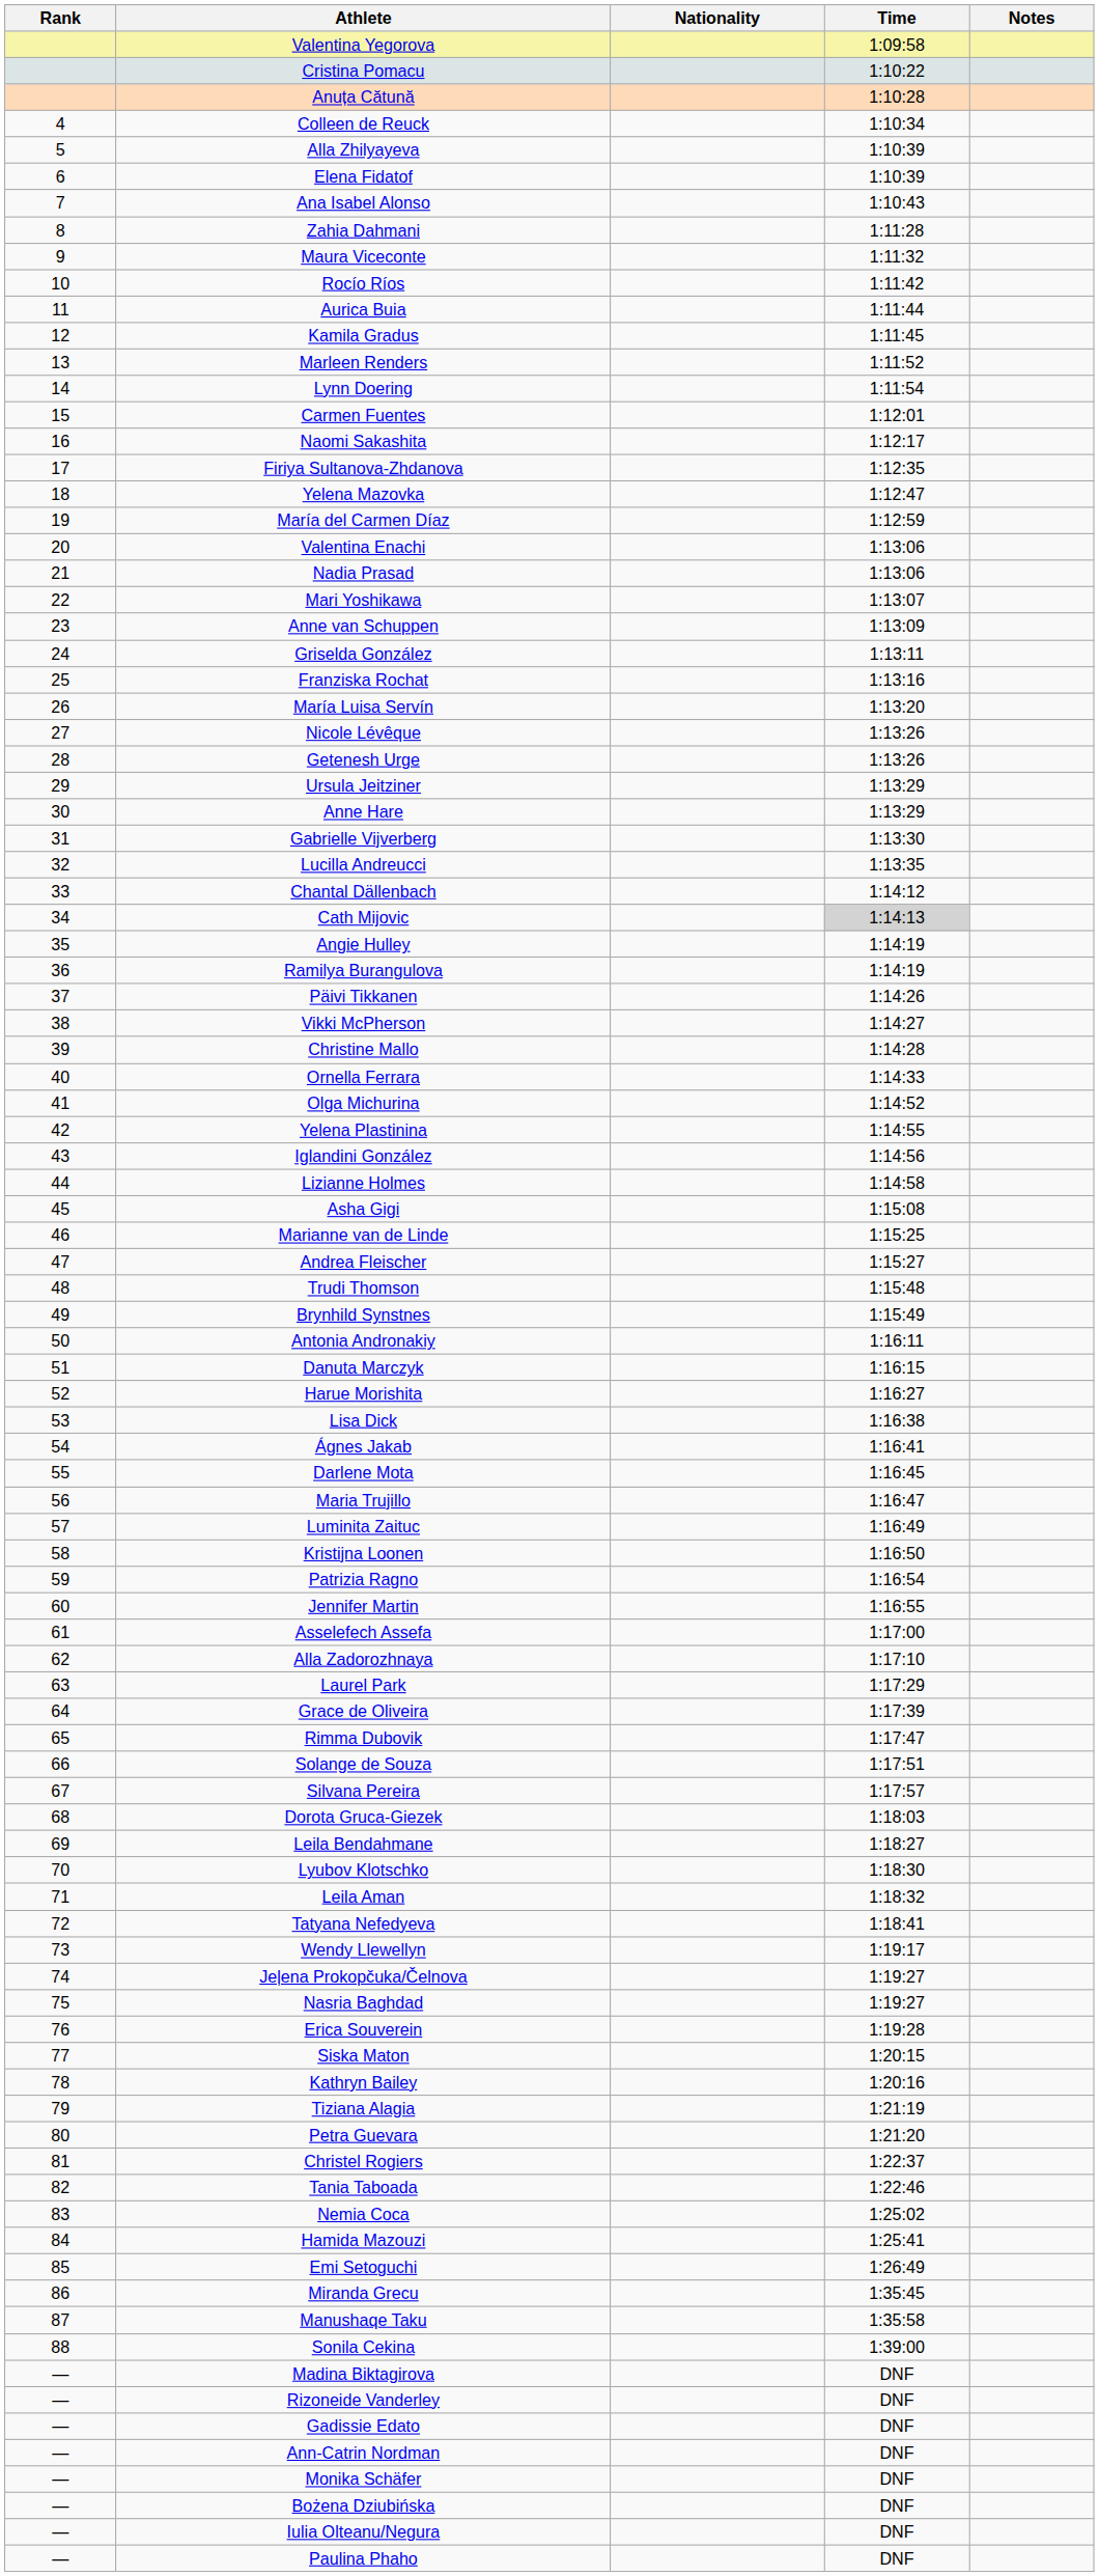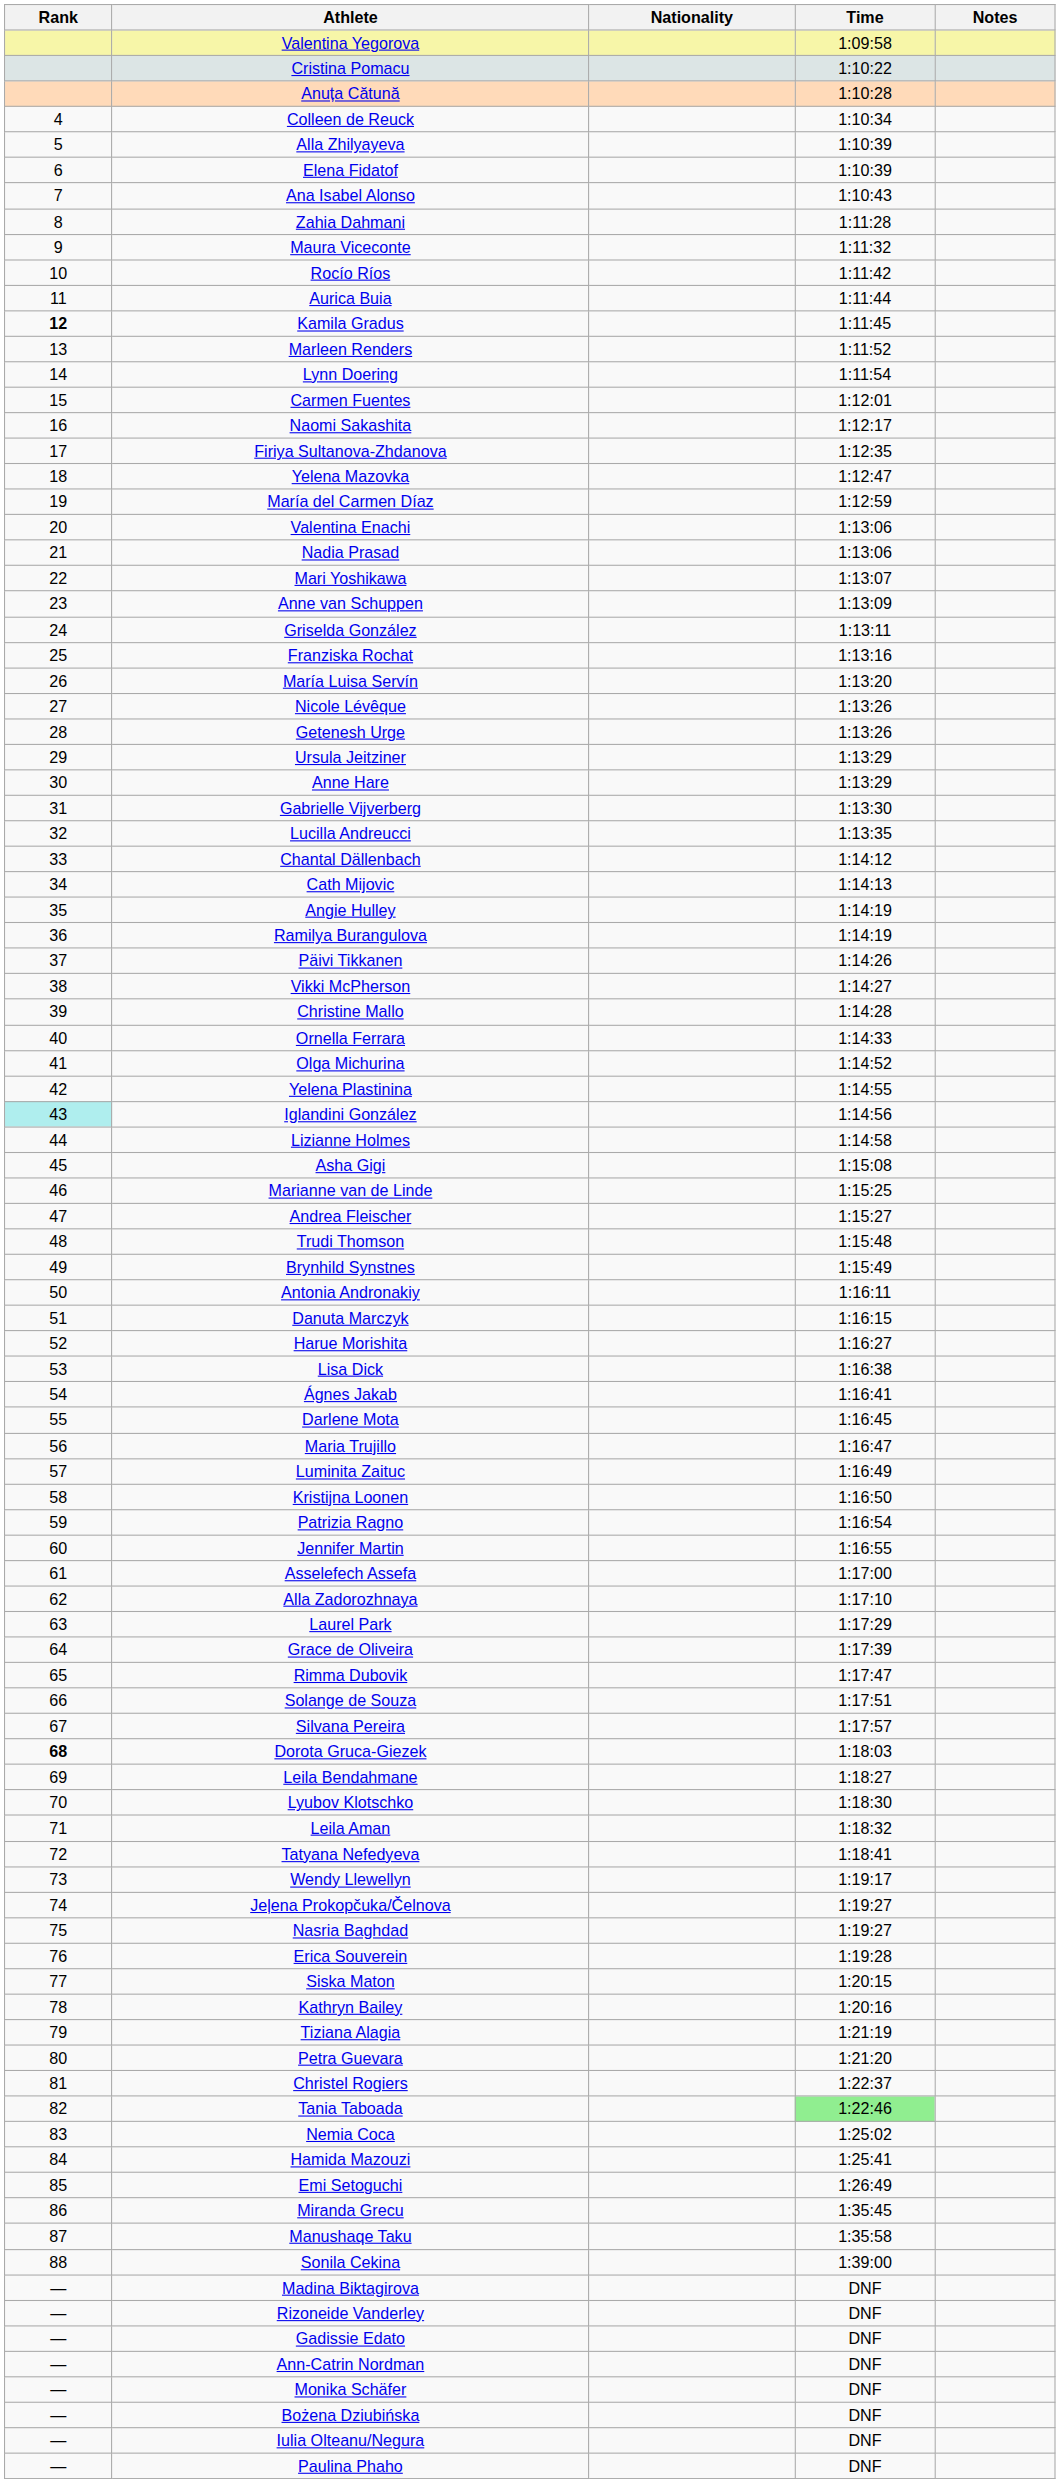 <table class="wikitable sortable" style=" text-align:center; font-size:95%;" width="50%">
 <tr>
 <th>Rank</th>
 <th>Athlete</th>
 <th>Nationality</th>
 <th>Time</th>
 <th>Notes</th>
 </tr>
 <tr bgcolor="#F7F6A8">
 <td align=center></td>
 <td><a href='#'>Valentina Yegorova</a></td>
 <td></td>
 <td>1:09:58</td>
 <td></td>
 </tr>
 <tr bgcolor="#DCE5E5">
 <td align=center></td>
 <td><a href='#'>Cristina Pomacu</a></td>
 <td></td>
 <td>1:10:22</td>
 <td></td>
 </tr>
 <tr bgcolor="#FFDAB9">
 <td align=center></td>
 <td><a href='#'>Anuța Cătună</a></td>
 <td></td>
 <td>1:10:28</td>
 <td></td>
 </tr>
 <tr>
 <td align=center>4</td>
 <td><a href='#'>Colleen de Reuck</a></td>
 <td></td>
 <td>1:10:34</td>
 <td></td>
 </tr>
 <tr>
 <td align=center>5</td>
 <td><a href='#'>Alla Zhilyayeva</a></td>
 <td></td>
 <td>1:10:39</td>
 <td></td>
 </tr>
 <tr>
 <td align=center>6</td>
 <td><a href='#'>Elena Fidatof</a></td>
 <td></td>
 <td>1:10:39</td>
 <td></td>
 </tr>
 <tr>
 <td align=center>7</td>
 <td><a href='#'>Ana Isabel Alonso</a></td>
 <td></td>
 <td>1:10:43</td>
 <td></td>
 </tr>
 <tr>
 <td align=center>8</td>
 <td><a href='#'>Zahia Dahmani</a></td>
 <td></td>
 <td>1:11:28</td>
 <td></td>
 </tr>
 <tr>
 <td align=center>9</td>
 <td><a href='#'>Maura Viceconte</a></td>
 <td></td>
 <td>1:11:32</td>
 <td></td>
 </tr>
 <tr>
 <td align=center>10</td>
 <td><a href='#'>Rocío Ríos</a></td>
 <td></td>
 <td>1:11:42</td>
 <td></td>
 </tr>
 <tr>
 <td align=center>11</td>
 <td><a href='#'>Aurica Buia</a></td>
 <td></td>
 <td>1:11:44</td>
 <td></td>
 </tr>
 <tr>
-<td align=center>12</td>
+<td align=center><strong>12</strong></td>
 <td><a href='#'>Kamila Gradus</a></td>
 <td></td>
 <td>1:11:45</td>
 <td></td>
 </tr>
 <tr>
 <td align=center>13</td>
 <td><a href='#'>Marleen Renders</a></td>
 <td></td>
 <td>1:11:52</td>
 <td></td>
 </tr>
 <tr>
 <td align=center>14</td>
 <td><a href='#'>Lynn Doering</a></td>
 <td></td>
 <td>1:11:54</td>
 <td></td>
 </tr>
 <tr>
 <td align=center>15</td>
 <td><a href='#'>Carmen Fuentes</a></td>
 <td></td>
 <td>1:12:01</td>
 <td></td>
 </tr>
 <tr>
 <td align=center>16</td>
 <td><a href='#'>Naomi Sakashita</a></td>
 <td></td>
 <td>1:12:17</td>
 <td></td>
 </tr>
 <tr>
 <td align=center>17</td>
 <td><a href='#'>Firiya Sultanova-Zhdanova</a></td>
 <td></td>
 <td>1:12:35</td>
 <td></td>
 </tr>
 <tr>
 <td align=center>18</td>
 <td><a href='#'>Yelena Mazovka</a></td>
 <td></td>
 <td>1:12:47</td>
 <td></td>
 </tr>
 <tr>
 <td align=center>19</td>
 <td><a href='#'>María del Carmen Díaz</a></td>
 <td></td>
 <td>1:12:59</td>
 <td></td>
 </tr>
 <tr>
 <td align=center>20</td>
 <td><a href='#'>Valentina Enachi</a></td>
 <td></td>
 <td>1:13:06</td>
 <td></td>
 </tr>
 <tr>
 <td align=center>21</td>
 <td><a href='#'>Nadia Prasad</a></td>
 <td></td>
 <td>1:13:06</td>
 <td></td>
 </tr>
 <tr>
 <td align=center>22</td>
 <td><a href='#'>Mari Yoshikawa</a></td>
 <td></td>
 <td>1:13:07</td>
 <td></td>
 </tr>
 <tr>
 <td align=center>23</td>
 <td><a href='#'>Anne van Schuppen</a></td>
 <td></td>
 <td>1:13:09</td>
 <td></td>
 </tr>
 <tr>
 <td align=center>24</td>
 <td><a href='#'>Griselda González</a></td>
 <td></td>
 <td>1:13:11</td>
 <td></td>
 </tr>
 <tr>
 <td align=center>25</td>
 <td><a href='#'>Franziska Rochat</a></td>
 <td></td>
 <td>1:13:16</td>
 <td></td>
 </tr>
 <tr>
 <td align=center>26</td>
 <td><a href='#'>María Luisa Servín</a></td>
 <td></td>
 <td>1:13:20</td>
 <td></td>
 </tr>
 <tr>
 <td align=center>27</td>
 <td><a href='#'>Nicole Lévêque</a></td>
 <td></td>
 <td>1:13:26</td>
 <td></td>
 </tr>
 <tr>
 <td align=center>28</td>
 <td><a href='#'>Getenesh Urge</a></td>
 <td></td>
 <td>1:13:26</td>
 <td></td>
 </tr>
 <tr>
 <td align=center>29</td>
 <td><a href='#'>Ursula Jeitziner</a></td>
 <td></td>
 <td>1:13:29</td>
 <td></td>
 </tr>
 <tr>
 <td align=center>30</td>
 <td><a href='#'>Anne Hare</a></td>
 <td></td>
 <td>1:13:29</td>
 <td></td>
 </tr>
 <tr>
 <td align=center>31</td>
 <td><a href='#'>Gabrielle Vijverberg</a></td>
 <td></td>
 <td>1:13:30</td>
 <td></td>
 </tr>
 <tr>
 <td align=center>32</td>
 <td><a href='#'>Lucilla Andreucci</a></td>
 <td></td>
 <td>1:13:35</td>
 <td></td>
 </tr>
 <tr>
 <td align=center>33</td>
 <td><a href='#'>Chantal Dällenbach</a></td>
 <td></td>
 <td>1:14:12</td>
 <td></td>
 </tr>
 <tr>
 <td align=center>34</td>
 <td><a href='#'>Cath Mijovic</a></td>
 <td></td>
-<td style="background: lightgrey;">1:14:13</td>
+<td>1:14:13</td>
 <td></td>
 </tr>
 <tr>
 <td align=center>35</td>
 <td><a href='#'>Angie Hulley</a></td>
 <td></td>
 <td>1:14:19</td>
 <td></td>
 </tr>
 <tr>
 <td align=center>36</td>
 <td><a href='#'>Ramilya Burangulova</a></td>
 <td></td>
 <td>1:14:19</td>
 <td></td>
 </tr>
 <tr>
 <td align=center>37</td>
 <td><a href='#'>Päivi Tikkanen</a></td>
 <td></td>
 <td>1:14:26</td>
 <td></td>
 </tr>
 <tr>
 <td align=center>38</td>
 <td><a href='#'>Vikki McPherson</a></td>
 <td></td>
 <td>1:14:27</td>
 <td></td>
 </tr>
 <tr>
 <td align=center>39</td>
 <td><a href='#'>Christine Mallo</a></td>
 <td></td>
 <td>1:14:28</td>
 <td></td>
 </tr>
 <tr>
 <td align=center>40</td>
 <td><a href='#'>Ornella Ferrara</a></td>
 <td></td>
 <td>1:14:33</td>
 <td></td>
 </tr>
 <tr>
 <td align=center>41</td>
 <td><a href='#'>Olga Michurina</a></td>
 <td></td>
 <td>1:14:52</td>
 <td></td>
 </tr>
 <tr>
 <td align=center>42</td>
 <td><a href='#'>Yelena Plastinina</a></td>
 <td></td>
 <td>1:14:55</td>
 <td></td>
 </tr>
 <tr>
-<td align=center>43</td>
+<td align=center style="background: paleturquoise;">43</td>
 <td><a href='#'>Iglandini González</a></td>
 <td></td>
 <td>1:14:56</td>
 <td></td>
 </tr>
 <tr>
 <td align=center>44</td>
 <td><a href='#'>Lizianne Holmes</a></td>
 <td></td>
 <td>1:14:58</td>
 <td></td>
 </tr>
 <tr>
 <td align=center>45</td>
 <td><a href='#'>Asha Gigi</a></td>
 <td></td>
 <td>1:15:08</td>
 <td></td>
 </tr>
 <tr>
 <td align=center>46</td>
 <td><a href='#'>Marianne van de Linde</a></td>
 <td></td>
 <td>1:15:25</td>
 <td></td>
 </tr>
 <tr>
 <td align=center>47</td>
 <td><a href='#'>Andrea Fleischer</a></td>
 <td></td>
 <td>1:15:27</td>
 <td></td>
 </tr>
 <tr>
 <td align=center>48</td>
 <td><a href='#'>Trudi Thomson</a></td>
 <td></td>
 <td>1:15:48</td>
 <td></td>
 </tr>
 <tr>
 <td align=center>49</td>
 <td><a href='#'>Brynhild Synstnes</a></td>
 <td></td>
 <td>1:15:49</td>
 <td></td>
 </tr>
 <tr>
 <td align=center>50</td>
 <td><a href='#'>Antonia Andronakiy</a></td>
 <td></td>
 <td>1:16:11</td>
 <td></td>
 </tr>
 <tr>
 <td align=center>51</td>
 <td><a href='#'>Danuta Marczyk</a></td>
 <td></td>
 <td>1:16:15</td>
 <td></td>
 </tr>
 <tr>
 <td align=center>52</td>
 <td><a href='#'>Harue Morishita</a></td>
 <td></td>
 <td>1:16:27</td>
 <td></td>
 </tr>
 <tr>
 <td align=center>53</td>
 <td><a href='#'>Lisa Dick</a></td>
 <td></td>
 <td>1:16:38</td>
 <td></td>
 </tr>
 <tr>
 <td align=center>54</td>
 <td><a href='#'>Ágnes Jakab</a></td>
 <td></td>
 <td>1:16:41</td>
 <td></td>
 </tr>
 <tr>
 <td align=center>55</td>
 <td><a href='#'>Darlene Mota</a></td>
 <td></td>
 <td>1:16:45</td>
 <td></td>
 </tr>
 <tr>
 <td align=center>56</td>
 <td><a href='#'>Maria Trujillo</a></td>
 <td></td>
 <td>1:16:47</td>
 <td></td>
 </tr>
 <tr>
 <td align=center>57</td>
 <td><a href='#'>Luminita Zaituc</a></td>
 <td></td>
 <td>1:16:49</td>
 <td></td>
 </tr>
 <tr>
 <td align=center>58</td>
 <td><a href='#'>Kristijna Loonen</a></td>
 <td></td>
 <td>1:16:50</td>
 <td></td>
 </tr>
 <tr>
 <td align=center>59</td>
 <td><a href='#'>Patrizia Ragno</a></td>
 <td></td>
 <td>1:16:54</td>
 <td></td>
 </tr>
 <tr>
 <td align=center>60</td>
 <td><a href='#'>Jennifer Martin</a></td>
 <td></td>
 <td>1:16:55</td>
 <td></td>
 </tr>
 <tr>
 <td align=center>61</td>
 <td><a href='#'>Asselefech Assefa</a></td>
 <td></td>
 <td>1:17:00</td>
 <td></td>
 </tr>
 <tr>
 <td align=center>62</td>
 <td><a href='#'>Alla Zadorozhnaya</a></td>
 <td></td>
 <td>1:17:10</td>
 <td></td>
 </tr>
 <tr>
 <td align=center>63</td>
 <td><a href='#'>Laurel Park</a></td>
 <td></td>
 <td>1:17:29</td>
 <td></td>
 </tr>
 <tr>
 <td align=center>64</td>
 <td><a href='#'>Grace de Oliveira</a></td>
 <td></td>
 <td>1:17:39</td>
 <td></td>
 </tr>
 <tr>
 <td align=center>65</td>
 <td><a href='#'>Rimma Dubovik</a></td>
 <td></td>
 <td>1:17:47</td>
 <td></td>
 </tr>
 <tr>
 <td align=center>66</td>
 <td><a href='#'>Solange de Souza</a></td>
 <td></td>
 <td>1:17:51</td>
 <td></td>
 </tr>
 <tr>
 <td align=center>67</td>
 <td><a href='#'>Silvana Pereira</a></td>
 <td></td>
 <td>1:17:57</td>
 <td></td>
 </tr>
 <tr>
-<td align=center>68</td>
+<td align=center><strong>68</strong></td>
 <td><a href='#'>Dorota Gruca-Giezek</a></td>
 <td></td>
 <td>1:18:03</td>
 <td></td>
 </tr>
 <tr>
 <td align=center>69</td>
 <td><a href='#'>Leila Bendahmane</a></td>
 <td></td>
 <td>1:18:27</td>
 <td></td>
 </tr>
 <tr>
 <td align=center>70</td>
 <td><a href='#'>Lyubov Klotschko</a></td>
 <td></td>
 <td>1:18:30</td>
 <td></td>
 </tr>
 <tr>
 <td align=center>71</td>
 <td><a href='#'>Leila Aman</a></td>
 <td></td>
 <td>1:18:32</td>
 <td></td>
 </tr>
 <tr>
 <td align=center>72</td>
 <td><a href='#'>Tatyana Nefedyeva</a></td>
 <td></td>
 <td>1:18:41</td>
 <td></td>
 </tr>
 <tr>
 <td align=center>73</td>
 <td><a href='#'>Wendy Llewellyn</a></td>
 <td></td>
 <td>1:19:17</td>
 <td></td>
 </tr>
 <tr>
 <td align=center>74</td>
 <td><a href='#'>Jeļena Prokopčuka/Čelnova</a></td>
 <td></td>
 <td>1:19:27</td>
 <td></td>
 </tr>
 <tr>
 <td align=center>75</td>
 <td><a href='#'>Nasria Baghdad</a></td>
 <td></td>
 <td>1:19:27</td>
 <td></td>
 </tr>
 <tr>
 <td align=center>76</td>
 <td><a href='#'>Erica Souverein</a></td>
 <td></td>
 <td>1:19:28</td>
 <td></td>
 </tr>
 <tr>
 <td align=center>77</td>
 <td><a href='#'>Siska Maton</a></td>
 <td></td>
 <td>1:20:15</td>
 <td></td>
 </tr>
 <tr>
 <td align=center>78</td>
 <td><a href='#'>Kathryn Bailey</a></td>
 <td></td>
 <td>1:20:16</td>
 <td></td>
 </tr>
 <tr>
 <td align=center>79</td>
 <td><a href='#'>Tiziana Alagia</a></td>
 <td></td>
 <td>1:21:19</td>
 <td></td>
 </tr>
 <tr>
 <td align=center>80</td>
 <td><a href='#'>Petra Guevara</a></td>
 <td></td>
 <td>1:21:20</td>
 <td></td>
 </tr>
 <tr>
 <td align=center>81</td>
 <td><a href='#'>Christel Rogiers</a></td>
 <td></td>
 <td>1:22:37</td>
 <td></td>
 </tr>
 <tr>
 <td align=center>82</td>
 <td><a href='#'>Tania Taboada</a></td>
 <td></td>
-<td>1:22:46</td>
+<td style="background: lightgreen;">1:22:46</td>
 <td></td>
 </tr>
 <tr>
 <td align=center>83</td>
 <td><a href='#'>Nemia Coca</a></td>
 <td></td>
 <td>1:25:02</td>
 <td></td>
 </tr>
 <tr>
 <td align=center>84</td>
 <td><a href='#'>Hamida Mazouzi</a></td>
 <td></td>
 <td>1:25:41</td>
 <td></td>
 </tr>
 <tr>
 <td align=center>85</td>
 <td><a href='#'>Emi Setoguchi</a></td>
 <td></td>
 <td>1:26:49</td>
 <td></td>
 </tr>
 <tr>
 <td align=center>86</td>
 <td><a href='#'>Miranda Grecu</a></td>
 <td></td>
 <td>1:35:45</td>
 <td></td>
 </tr>
 <tr>
 <td align=center>87</td>
 <td><a href='#'>Manushaqe Taku</a></td>
 <td></td>
 <td>1:35:58</td>
 <td></td>
 </tr>
 <tr>
 <td align=center>88</td>
 <td><a href='#'>Sonila Cekina</a></td>
 <td></td>
 <td>1:39:00</td>
 <td></td>
 </tr>
 <tr>
 <td align=center>—</td>
 <td><a href='#'>Madina Biktagirova</a></td>
 <td></td>
 <td>DNF</td>
 <td></td>
 </tr>
 <tr>
 <td align=center>—</td>
 <td><a href='#'>Rizoneide Vanderley</a></td>
 <td></td>
 <td>DNF</td>
 <td></td>
 </tr>
 <tr>
 <td align=center>—</td>
 <td><a href='#'>Gadissie Edato</a></td>
 <td></td>
 <td>DNF</td>
 <td></td>
 </tr>
 <tr>
 <td align=center>—</td>
 <td><a href='#'>Ann-Catrin Nordman</a></td>
 <td></td>
 <td>DNF</td>
 <td></td>
 </tr>
 <tr>
 <td align=center>—</td>
 <td><a href='#'>Monika Schäfer</a></td>
 <td></td>
 <td>DNF</td>
 <td></td>
 </tr>
 <tr>
 <td align=center>—</td>
 <td><a href='#'>Bożena Dziubińska</a></td>
 <td></td>
 <td>DNF</td>
 <td></td>
 </tr>
 <tr>
 <td align=center>—</td>
 <td><a href='#'>Iulia Olteanu/Negura</a></td>
 <td></td>
 <td>DNF</td>
 <td></td>
 </tr>
 <tr>
 <td align=center>—</td>
 <td><a href='#'>Paulina Phaho</a></td>
 <td></td>
 <td>DNF</td>
 <td></td>
 </tr>
 </table>
